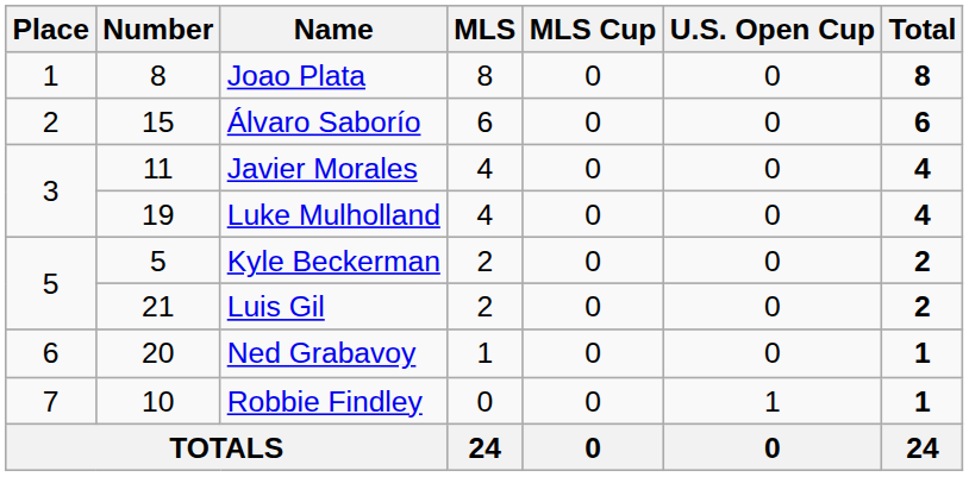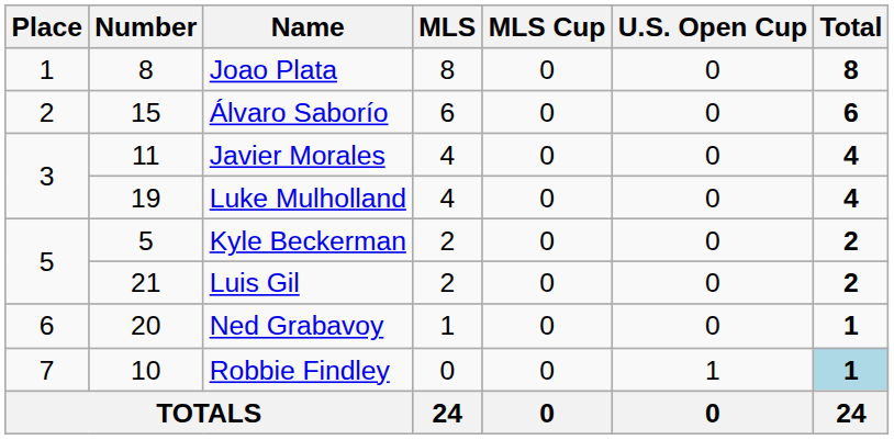 <table class="wikitable sortable" style="font-size: 95%; text-align: center;">
 <tr>
 <th>Place</th>
 <th>Number</th>
 <th>Name</th>
 <th>MLS</th>
 <th>MLS Cup</th>
 <th>U.S. Open Cup</th>
 <th><strong>Total</strong></th>
 </tr>
 <tr>
 <td>1</td>
 <td>8</td>
 <td align="left" data-sort-value="Plata, Joao"> <a href='#'>Joao Plata</a></td>
 <td>8</td>
 <td>0</td>
 <td>0</td>
 <td><strong>8</strong></td>
 </tr>
 <tr>
 <td>2</td>
 <td>15</td>
 <td align="left" data-sort-value="Saborío, Álvaro"> <a href='#'>Álvaro Saborío</a></td>
 <td>6</td>
 <td>0</td>
 <td>0</td>
 <td><strong>6</strong></td>
 </tr>
 <tr>
 <td rowspan="2">3</td>
 <td>11</td>
 <td align="left" data-sort-value="Morales, Javier"> <a href='#'>Javier Morales</a></td>
 <td>4</td>
 <td>0</td>
 <td>0</td>
 <td><strong>4</strong></td>
 </tr>
 <tr>
 <td>19</td>
 <td align="left" data-sort-value="Mulholland, Luke"> <a href='#'>Luke Mulholland</a></td>
 <td>4</td>
 <td>0</td>
 <td>0</td>
 <td><strong>4</strong></td>
 </tr>
 <tr>
 <td rowspan="2">5</td>
 <td>5</td>
 <td align="left" data-sort-value="Beckerman, Kyle"> <a href='#'>Kyle Beckerman</a></td>
 <td>2</td>
 <td>0</td>
 <td>0</td>
 <td><strong>2</strong></td>
 </tr>
 <tr>
 <td>21</td>
 <td align="left" data-sort-value="Gil, Luis"> <a href='#'>Luis Gil</a></td>
 <td>2</td>
 <td>0</td>
 <td>0</td>
 <td><strong>2</strong></td>
 </tr>
 <tr>
 <td rowspan="1">6</td>
 <td>20</td>
 <td align="left" data-sort-value="Grabavoy, Ned"> <a href='#'>Ned Grabavoy</a></td>
 <td>1</td>
 <td>0</td>
 <td>0</td>
 <td><strong>1</strong></td>
 </tr>
 <tr>
 <td rowspan="1">7</td>
 <td>10</td>
 <td align="left" data-sort-value="Findley"> <a href='#'>Robbie Findley</a></td>
 <td>0</td>
 <td>0</td>
 <td>1</td>
-<td><strong>1</strong></td>
+<td style="background: lightblue;"><strong>1</strong></td>
 </tr>
 <tr>
 <th colspan="3"><strong>TOTALS</strong></th>
 <th>24</th>
 <th>0</th>
 <th>0</th>
 <th>24</th>
 </tr>
 </table>
